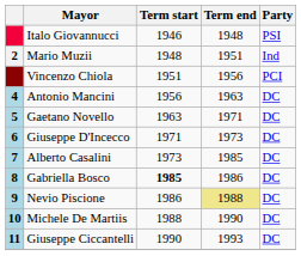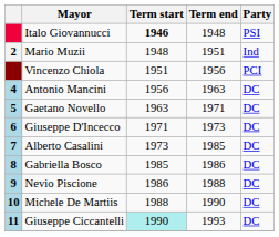 <table class="wikitable">
 <tr>
 <th class=unsortable> </th>
 <th>Mayor</th>
 <th>Term start</th>
 <th>Term end</th>
 <th>Party</th>
 </tr>
 <tr>
 <th style="background:#F2003C;"></th>
 <td>Italo Giovannucci</td>
-<td align=center>1946</td>
+<td align=center><strong>1946</strong></td>
 <td align=center>1948</td>
 <td><a href='#'>PSI</a></td>
 </tr>
 <tr>
 <th style="background:#;">2</th>
 <td>Mario Muzii</td>
 <td align=center>1948</td>
 <td align=center>1951</td>
 <td><a href='#'>Ind</a></td>
 </tr>
 <tr>
 <th style="background:#8B0000;"></th>
 <td>Vincenzo Chiola</td>
 <td align=center>1951</td>
 <td align=center>1956</td>
 <td><a href='#'>PCI</a></td>
 </tr>
 <tr>
 <th style="background:#ADD8E6;">4</th>
 <td>Antonio Mancini</td>
 <td align=center>1956</td>
 <td align=center>1963</td>
 <td><a href='#'>DC</a></td>
 </tr>
 <tr>
 <th style="background:#ADD8E6;">5</th>
 <td>Gaetano Novello</td>
 <td align=center>1963</td>
 <td align=center>1971</td>
 <td><a href='#'>DC</a></td>
 </tr>
 <tr>
 <th style="background:#ADD8E6;">6</th>
 <td>Giuseppe D'Incecco</td>
 <td align=center>1971</td>
 <td align=center>1973</td>
 <td><a href='#'>DC</a></td>
 </tr>
 <tr>
 <th style="background:#ADD8E6;">7</th>
 <td>Alberto Casalini</td>
 <td align=center>1973</td>
 <td align=center>1985</td>
 <td><a href='#'>DC</a></td>
 </tr>
 <tr>
 <th style="background:#ADD8E6;">8</th>
 <td>Gabriella Bosco</td>
-<td align=center><strong>1985</strong></td>
+<td align=center>1985</td>
 <td align=center>1986</td>
 <td><a href='#'>DC</a></td>
 </tr>
 <tr>
 <th style="background:#ADD8E6;">9</th>
 <td>Nevio Piscione</td>
 <td align=center>1986</td>
-<td align=center style="background: khaki;">1988</td>
+<td align=center>1988</td>
 <td><a href='#'>DC</a></td>
 </tr>
 <tr>
 <th style="background:#ADD8E6;">10</th>
 <td>Michele De Martiis</td>
 <td align=center>1988</td>
 <td align=center>1990</td>
 <td><a href='#'>DC</a></td>
 </tr>
 <tr>
 <th style="background:#ADD8E6;">11</th>
 <td>Giuseppe Ciccantelli</td>
-<td align=center>1990</td>
+<td align=center style="background: paleturquoise;">1990</td>
 <td align=center>1993</td>
 <td><a href='#'>DC</a></td>
 </tr>
 <tr>
 </tr>
 </table>
